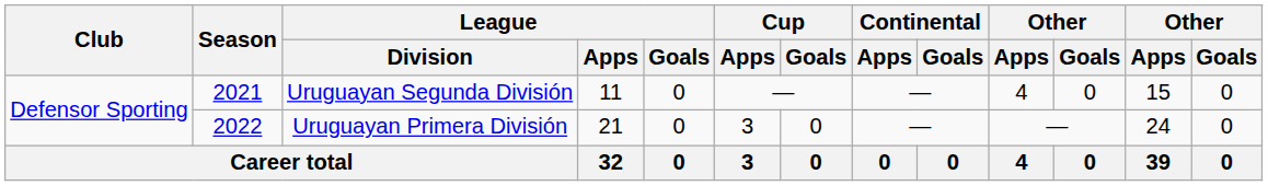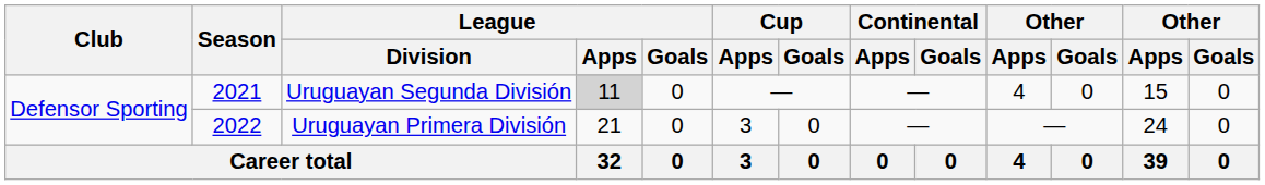 <table class="wikitable" Style="text-align: center">
 <tr>
 <th rowspan="2">Club</th>
 <th rowspan="2">Season</th>
 <th colspan="3">League</th>
 <th colspan="2">Cup</th>
 <th colspan="2">Continental</th>
 <th colspan="2">Other</th>
 <th colspan="2">Other</th>
 </tr>
 <tr>
 <th>Division</th>
 <th>Apps</th>
 <th>Goals</th>
 <th>Apps</th>
 <th>Goals</th>
 <th>Apps</th>
 <th>Goals</th>
 <th>Apps</th>
 <th>Goals</th>
 <th>Apps</th>
 <th>Goals</th>
 </tr>
 <tr>
 <td rowspan="2"><a href='#'>Defensor Sporting</a></td>
 <td><a href='#'>2021</a></td>
 <td><a href='#'>Uruguayan Segunda División</a></td>
-<td>11</td>
+<td style="background: lightgrey;">11</td>
 <td>0</td>
 <td colspan="2">—</td>
 <td colspan="2">—</td>
 <td>4</td>
 <td>0</td>
 <td>15</td>
 <td>0</td>
 </tr>
 <tr>
 <td><a href='#'>2022</a></td>
 <td><a href='#'>Uruguayan Primera División</a></td>
 <td>21</td>
 <td>0</td>
 <td>3</td>
 <td>0</td>
 <td colspan="2">—</td>
 <td colspan="2">—</td>
 <td>24</td>
 <td>0</td>
 </tr>
 <tr>
 <th colspan="3">Career total</th>
 <th>32</th>
 <th>0</th>
 <th>3</th>
 <th>0</th>
 <th>0</th>
 <th>0</th>
 <th>4</th>
 <th>0</th>
 <th>39</th>
 <th>0</th>
 </tr>
 </table>
